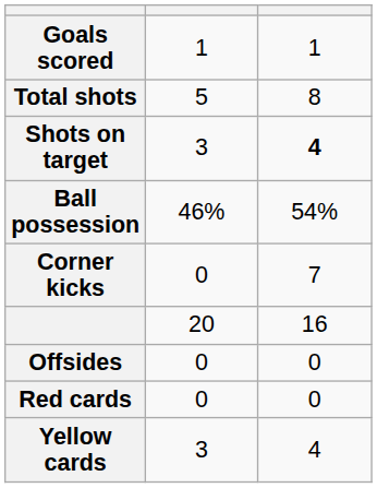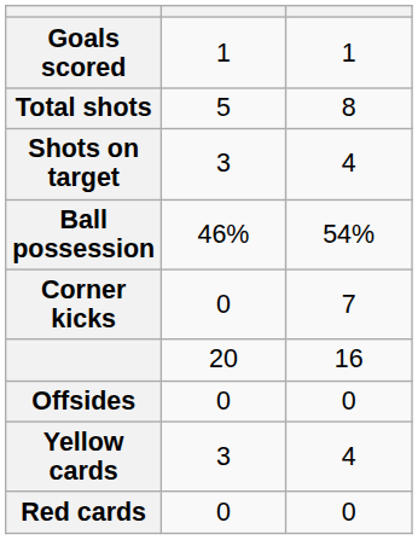 <table class="wikitable" style="text-align: center; margin: 0 auto;">
 <tr>
 <th scope="col" style="width:70px"></th>
 <th scope="col" style="width:70px"></th>
 <th scope="col" style="width:70px"></th>
 </tr>
 <tr>
 <th scope=row>Goals scored</th>
 <td>1</td>
 <td>1</td>
 </tr>
 <tr>
 <th scope=row>Total shots</th>
 <td>5</td>
 <td>8</td>
 </tr>
 <tr>
 <th scope=row>Shots on target</th>
 <td>3</td>
-<td><strong>4</strong></td>
+<td>4</td>
 </tr>
 <tr>
 <th scope=row>Ball possession</th>
 <td>46%</td>
 <td>54%</td>
 </tr>
 <tr>
 <th scope=row>Corner kicks</th>
 <td>0</td>
 <td>7</td>
 </tr>
 <tr>
 <th scope=row></th>
 <td>20</td>
 <td>16</td>
 </tr>
 <tr>
 <th scope=row>Offsides</th>
 <td>0</td>
 <td>0</td>
 </tr>
 <tr>
+<th scope=row>Yellow cards</th>
+<td>3</td>
+<td>4</td>
+</tr>
+<tr>
 <th scope=row>Red cards</th>
 <td>0</td>
 <td>0</td>
 </tr>
-<tr>
-<th scope=row>Yellow cards</th>
-<td>3</td>
-<td>4</td>
-</tr>
 </table>
